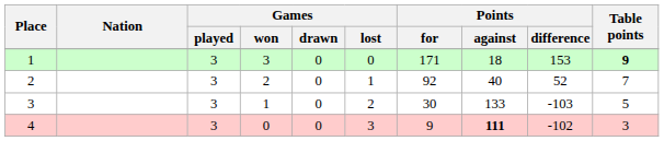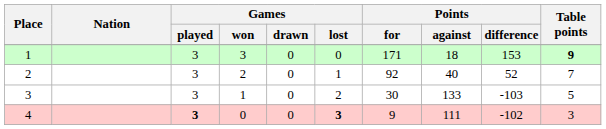 <table class="wikitable">
 <tr>
 <th rowspan=2 width="8%">Place</th>
 <th rowspan=2 width="20%">Nation</th>
 <th colspan=4 width="32%">Games</th>
 <th colspan=3 width="30%">Points</th>
 <th rowspan=2 width="10%">Table<br>points</th>
 </tr>
 <tr>
 <th width="8%">played</th>
 <th width="8%">won</th>
 <th width="8%">drawn</th>
 <th width="8%">lost</th>
 <th width="10%">for</th>
 <th width="10%">against</th>
 <th width="10%">difference</th>
 </tr>
 <tr>
 </tr>
 <tr bgcolor=#ccffcc align=center>
 <td>1</td>
 <td align=left><strong></strong></td>
 <td>3</td>
 <td>3</td>
 <td>0</td>
 <td>0</td>
 <td>171</td>
 <td>18</td>
 <td>153</td>
 <td><strong>9</strong></td>
 </tr>
 <tr bgcolor=#ffffff align=center>
 <td>2</td>
 <td align=left></td>
 <td>3</td>
 <td>2</td>
 <td>0</td>
 <td>1</td>
 <td>92</td>
 <td>40</td>
 <td>52</td>
 <td>7</td>
 </tr>
 <tr bgcolor=#ffffff align=center>
 <td>3</td>
 <td align=left></td>
 <td>3</td>
 <td>1</td>
 <td>0</td>
 <td>2</td>
 <td>30</td>
 <td>133</td>
 <td>-103</td>
 <td>5</td>
 </tr>
 <tr bgcolor=#ffcccc align=center>
 <td>4</td>
 <td align=left></td>
-<td>3</td>
+<td><strong>3</strong></td>
 <td>0</td>
 <td>0</td>
-<td>3</td>
+<td><strong>3</strong></td>
 <td>9</td>
-<td><strong>111</strong></td>
+<td>111</td>
 <td>-102</td>
 <td>3</td>
 </tr>
 </table>
